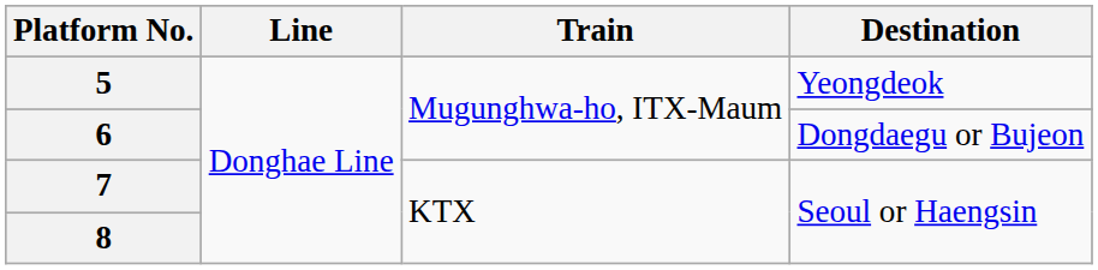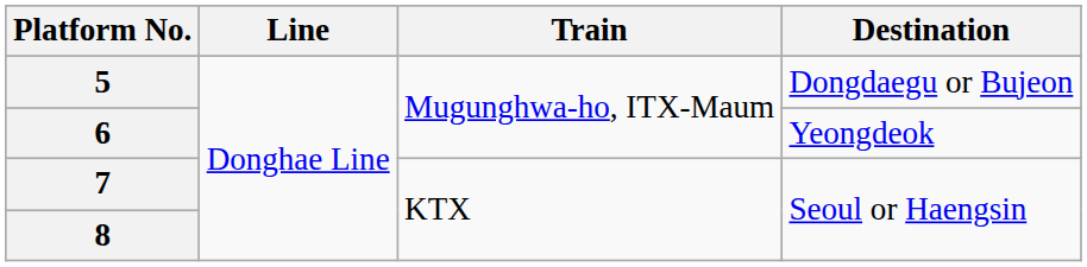 <table cellspacing="0" cellpadding="3" frame="hsides" rules="rows" style="" class="wikitable">
 <tr>
 <th>Platform No.</th>
 <th>Line</th>
 <th>Train</th>
 <th>Destination</th>
 </tr>
 <tr>
 <th>5</th>
 <td rowspan="4"><a href='#'>Donghae Line</a></td>
 <td rowspan="2"><a href='#'>Mugunghwa-ho</a>, ITX-Maum</td>
-<td><a href='#'>Yeongdeok</a></td>
+<td><a href='#'>Dongdaegu</a> or <a href='#'>Bujeon</a></td>
 </tr>
 <tr>
 <th>6</th>
-<td><a href='#'>Dongdaegu</a> or <a href='#'>Bujeon</a></td>
+<td><a href='#'>Yeongdeok</a></td>
 </tr>
 <tr>
 <th>7</th>
 <td rowspan="2">KTX</td>
 <td rowspan="2"><a href='#'>Seoul</a> or <a href='#'>Haengsin</a></td>
 </tr>
 <tr>
 <th>8</th>
 </tr>
 </table>
